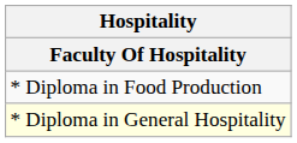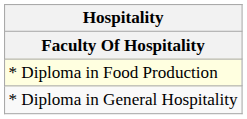 <table class="wikitable" "text-align:center">
 <tr>
 <th colspan=4>Hospitality</th>
 </tr>
 <tr>
 <th>Faculty Of Hospitality</th>
 </tr>
 <tr>
-<td>* Diploma in Food Production</td>
+<td style="background: lightyellow;">* Diploma in Food Production</td>
 </tr>
 <tr>
-<td style="background: lightyellow;">* Diploma in General Hospitality</td>
+<td>* Diploma in General Hospitality</td>
 </tr>
 </table>
